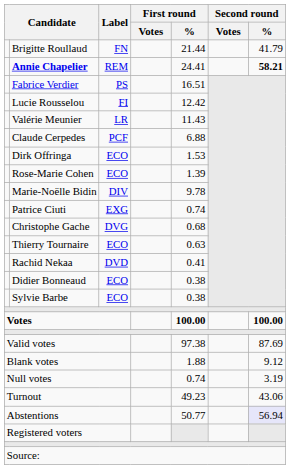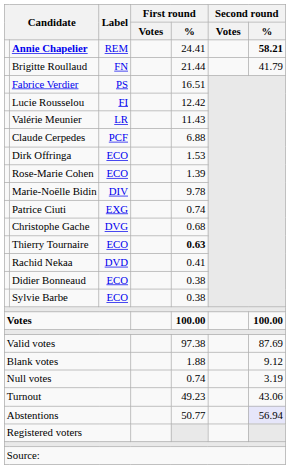 <table class="wikitable" style="text-align:right;font-size:95%;">
 <tr>
 <th rowspan="2" colspan="2">Candidate</th>
 <th rowspan="2">Label</th>
 <th colspan="2">First round</th>
 <th colspan="2">Second round</th>
 </tr>
 <tr>
 <th style="width:50px;">Votes</th>
 <th style="width:45px;">%</th>
 <th style="width:50px;">Votes</th>
 <th style="width:45px;">%</th>
 </tr>
 <tr>
 <td style="color:inherit;background:"></td>
+<td style="text-align:left;"><strong><a href='#'>Annie Chapelier</a></strong></td>
+<td><a href='#'>REM</a></td>
+<td></td>
+<td>24.41</td>
+<td><strong></strong></td>
+<td><strong>58.21</strong></td>
+</tr>
+<tr>
+<td style="color:inherit;background:"></td>
 <td style="text-align:left;">Brigitte Roullaud</td>
 <td><a href='#'>FN</a></td>
 <td></td>
 <td>21.44</td>
 <td></td>
 <td>41.79</td>
-</tr>
-<tr>
-<td style="color:inherit;background:"></td>
-<td style="text-align:left;"><strong><a href='#'>Annie Chapelier</a></strong></td>
-<td><a href='#'>REM</a></td>
-<td></td>
-<td>24.41</td>
-<td><strong></strong></td>
-<td><strong>58.21</strong></td>
 </tr>
 <tr>
 <td style="color:inherit;background:"></td>
 <td style="text-align:left;"><a href='#'>Fabrice Verdier</a></td>
 <td><a href='#'>PS</a></td>
 <td></td>
 <td>16.51</td>
 <td colspan="2" rowspan="13" style="background:#E9E9E9;"></td>
 </tr>
 <tr>
 <td style="color:inherit;background:"></td>
 <td style="text-align:left;">Lucie Rousselou</td>
 <td><a href='#'>FI</a></td>
 <td></td>
 <td>12.42</td>
 </tr>
 <tr>
 <td style="color:inherit;background:"></td>
 <td style="text-align:left;">Valérie Meunier</td>
 <td><a href='#'>LR</a></td>
 <td></td>
 <td>11.43</td>
 </tr>
 <tr>
 <td style="color:inherit;background:"></td>
 <td style="text-align:left;">Claude Cerpedes</td>
 <td><a href='#'>PCF</a></td>
 <td></td>
 <td>6.88</td>
 </tr>
 <tr>
 <td style="color:inherit;background:"></td>
 <td style="text-align:left;">Dirk Offringa</td>
 <td><a href='#'>ECO</a></td>
 <td></td>
 <td>1.53</td>
 </tr>
 <tr>
 <td style="color:inherit;background:"></td>
 <td style="text-align:left;">Rose-Marie Cohen</td>
 <td><a href='#'>ECO</a></td>
 <td></td>
 <td>1.39</td>
 </tr>
 <tr>
 <td style="color:inherit;background:"></td>
 <td style="text-align:left;">Marie-Noëlle Bidin</td>
 <td><a href='#'>DIV</a></td>
 <td></td>
 <td>9.78</td>
 </tr>
 <tr>
 <td style="color:inherit;background:"></td>
 <td style="text-align:left;">Patrice Ciuti</td>
 <td><a href='#'>EXG</a></td>
 <td></td>
 <td>0.74</td>
 </tr>
 <tr>
 <td style="color:inherit;background:"></td>
 <td style="text-align:left;">Christophe Gache</td>
 <td><a href='#'>DVG</a></td>
 <td></td>
 <td>0.68</td>
 </tr>
 <tr>
 <td style="color:inherit;background:"></td>
 <td style="text-align:left;">Thierry Tournaire</td>
 <td><a href='#'>ECO</a></td>
 <td></td>
-<td>0.63</td>
+<td><strong>0.63</strong></td>
 </tr>
 <tr>
 <td style="color:inherit;background:"></td>
 <td style="text-align:left;">Rachid Nekaa</td>
 <td><a href='#'>DVD</a></td>
 <td></td>
 <td>0.41</td>
 </tr>
 <tr>
 <td style="color:inherit;background:"></td>
 <td style="text-align:left;">Didier Bonneaud</td>
 <td><a href='#'>ECO</a></td>
 <td></td>
 <td>0.38</td>
 </tr>
 <tr>
 <td style="color:inherit;background:"></td>
 <td style="text-align:left;">Sylvie Barbe</td>
 <td><a href='#'>ECO</a></td>
 <td></td>
 <td>0.38</td>
 </tr>
 <tr>
 <td colspan="7" style="background:#E9E9E9;"></td>
 </tr>
 <tr style="font-weight:bold;">
 <td colspan="3" style="text-align:left;">Votes</td>
 <td></td>
 <td>100.00</td>
 <td></td>
 <td>100.00</td>
 </tr>
 <tr>
 <td colspan="7" style="background:#E9E9E9;"></td>
 </tr>
 <tr>
 <td colspan="3" style="text-align:left;">Valid votes</td>
 <td></td>
 <td>97.38</td>
 <td></td>
 <td>87.69</td>
 </tr>
 <tr>
 <td colspan="3" style="text-align:left;">Blank votes</td>
 <td></td>
 <td>1.88</td>
 <td></td>
 <td>9.12</td>
 </tr>
 <tr>
 <td colspan="3" style="text-align:left;">Null votes</td>
 <td></td>
 <td>0.74</td>
 <td></td>
 <td>3.19</td>
 </tr>
 <tr>
 <td colspan="3" style="text-align:left;">Turnout</td>
 <td></td>
 <td>49.23</td>
 <td></td>
 <td>43.06</td>
 </tr>
 <tr>
 <td colspan="3" style="text-align:left;">Abstentions</td>
 <td></td>
 <td>50.77</td>
 <td></td>
 <td style="background: lavender;">56.94</td>
 </tr>
 <tr>
 <td colspan="3" style="text-align:left;">Registered voters</td>
 <td></td>
 <td style="color:inherit;background:#E9E9E9;"></td>
 <td></td>
 <td style="color:inherit;background:#E9E9E9;"></td>
 </tr>
 <tr>
 <td colspan="7" style="background:#E9E9E9;"></td>
 </tr>
 <tr>
 <td colspan="7" style="text-align:left;">Source: </td>
 </tr>
 </table>
